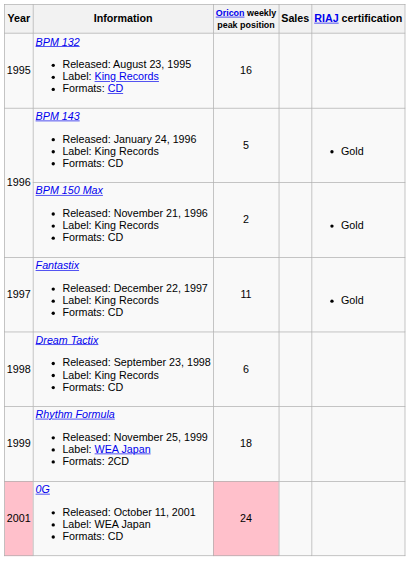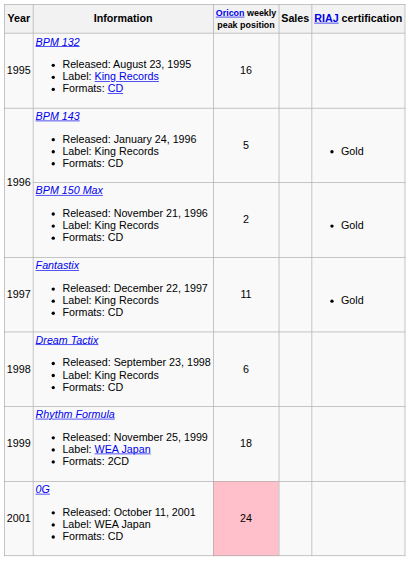 <table class="wikitable">
 <tr>
 <th>Year</th>
 <th>Information</th>
 <th><small><a href='#'>Oricon</a> weekly<br>peak position</small></th>
 <th>Sales</th>
 <th><a href='#'>RIAJ</a> certification</th>
 </tr>
 <tr>
 <td>1995</td>
 <td><em><a href='#'>BPM 132</a></em><br><ul><li>Released: August 23, 1995</li><li>Label: <a href='#'>King Records</a></li><li>Formats: <a href='#'>CD</a></li></ul></td>
 <td style="text-align:center;">16</td>
 <td align="left"></td>
 <td align="left"></td>
 </tr>
 <tr>
 <td rowspan="2">1996</td>
 <td><em><a href='#'>BPM 143</a></em><br><ul><li>Released: January 24, 1996</li><li>Label: King Records</li><li>Formats: CD</li></ul></td>
 <td style="text-align:center;">5</td>
 <td align="left"></td>
 <td align="left"><br><ul><li>Gold</li></ul></td>
 </tr>
 <tr>
 <td><em><a href='#'>BPM 150 Max</a></em><br><ul><li>Released: November 21, 1996</li><li>Label: King Records</li><li>Formats: CD</li></ul></td>
 <td style="text-align:center;">2</td>
 <td align="left"></td>
 <td align="left"><br><ul><li>Gold</li></ul></td>
 </tr>
 <tr>
 <td>1997</td>
 <td><em><a href='#'>Fantastix</a></em><br><ul><li>Released: December 22, 1997</li><li>Label: King Records</li><li>Formats: CD</li></ul></td>
 <td style="text-align:center;">11</td>
 <td align="left"></td>
 <td align="left"><br><ul><li>Gold</li></ul></td>
 </tr>
 <tr>
 <td>1998</td>
 <td><em><a href='#'>Dream Tactix</a></em><br><ul><li>Released: September 23, 1998</li><li>Label: King Records</li><li>Formats: CD</li></ul></td>
 <td style="text-align:center;">6</td>
 <td align="left"></td>
 <td align="left"></td>
 </tr>
 <tr>
 <td>1999</td>
 <td><em><a href='#'>Rhythm Formula</a></em><br><ul><li>Released: November 25, 1999</li><li>Label: <a href='#'>WEA Japan</a></li><li>Formats: 2CD</li></ul></td>
 <td style="text-align:center;">18</td>
 <td align="left"></td>
 <td align="left"></td>
 </tr>
 <tr>
-<td style="background: pink;">2001</td>
+<td>2001</td>
 <td><em><a href='#'>0G</a></em><br><ul><li>Released: October 11, 2001</li><li>Label: WEA Japan</li><li>Formats: CD</li></ul></td>
 <td style="background: pink; text-align:center;">24</td>
 <td align="left"></td>
 <td align="left"></td>
 </tr>
 </table>
